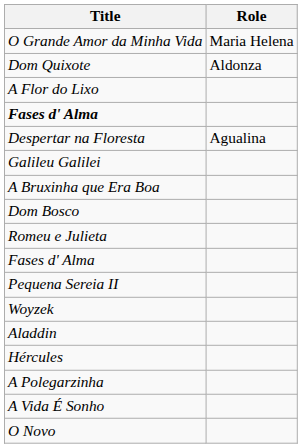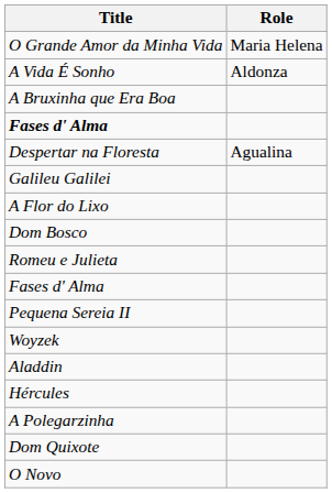 <table class="wikitable">
 <tr style="background:#ccc; text-align:center;">
 <th>Title</th>
 <th>Role</th>
 </tr>
 <tr>
 <td><em>O Grande Amor da Minha Vida</em></td>
 <td>Maria Helena</td>
 </tr>
 <tr>
-<td><em>Dom Quixote</em></td>
+<td><em>A Vida É Sonho</em></td>
 <td>Aldonza</td>
 </tr>
 <tr>
-<td><em>A Flor do Lixo</em></td>
+<td><em>A Bruxinha que Era Boa</em></td>
 <td></td>
 </tr>
 <tr>
 <td><strong><em>Fases d' Alma</em></strong></td>
 <td></td>
 </tr>
 <tr>
 <td><em>Despertar na Floresta</em></td>
 <td>Agualina</td>
 </tr>
 <tr>
 <td><em>Galileu Galilei</em></td>
 <td></td>
 </tr>
 <tr>
-<td><em>A Bruxinha que Era Boa</em></td>
+<td><em>A Flor do Lixo</em></td>
 <td></td>
 </tr>
 <tr>
 <td><em>Dom Bosco</em></td>
 <td></td>
 </tr>
 <tr>
 <td><em>Romeu e Julieta</em></td>
 <td></td>
 </tr>
 <tr>
 <td><em>Fases d' Alma</em></td>
 <td></td>
 </tr>
 <tr>
 <td><em>Pequena Sereia II</em></td>
 <td></td>
 </tr>
 <tr>
 <td><em>Woyzek</em></td>
 <td></td>
 </tr>
 <tr>
 <td><em>Aladdin</em></td>
 <td></td>
 </tr>
 <tr>
 <td><em>Hércules</em></td>
 <td></td>
 </tr>
 <tr>
 <td><em>A Polegarzinha</em></td>
 <td></td>
 </tr>
 <tr>
-<td><em>A Vida É Sonho</em></td>
+<td><em>Dom Quixote</em></td>
 <td></td>
 </tr>
 <tr>
 <td><em>O Novo</em></td>
 <td></td>
 </tr>
 </table>
